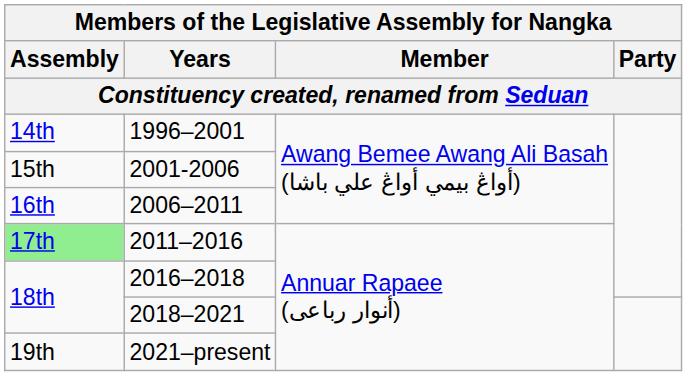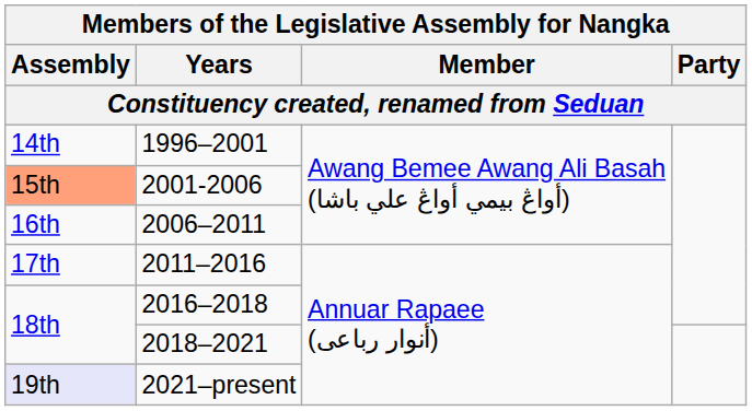 <table class=wikitable>
 <tr>
 <th colspan="4">Members of the Legislative Assembly for Nangka</th>
 </tr>
 <tr>
 <th>Assembly</th>
 <th>Years</th>
 <th>Member</th>
 <th>Party</th>
 </tr>
 <tr>
 <th colspan=4 align=center><em>Constituency created, renamed from <a href='#'>Seduan</a></em></th>
 </tr>
 <tr>
 <td><a href='#'>14th</a></td>
 <td>1996–2001</td>
 <td rowspan=3><a href='#'>Awang Bemee Awang Ali Basah</a> <br> (أواڠ بيمي أواڠ علي باشا)</td>
 <td rowspan=5 bgcolor=></td>
 </tr>
 <tr>
-<td>15th</td>
+<td style="background: lightsalmon;">15th</td>
 <td>2001-2006</td>
 </tr>
 <tr>
 <td><a href='#'>16th</a></td>
 <td>2006–2011</td>
 </tr>
 <tr>
-<td style="background: lightgreen;"><a href='#'>17th</a></td>
+<td><a href='#'>17th</a></td>
 <td>2011–2016</td>
 <td rowspan="4"><a href='#'>Annuar Rapaee</a> <br>  (أنوار رباعى)</td>
 </tr>
 <tr>
 <td rowspan="2"><a href='#'>18th</a></td>
 <td>2016–2018</td>
 </tr>
 <tr>
 <td>2018–2021</td>
 <td rowspan=2 bgcolor=></td>
 </tr>
 <tr>
-<td>19th</td>
+<td style="background: lavender;">19th</td>
 <td>2021–present</td>
 </tr>
 </table>
